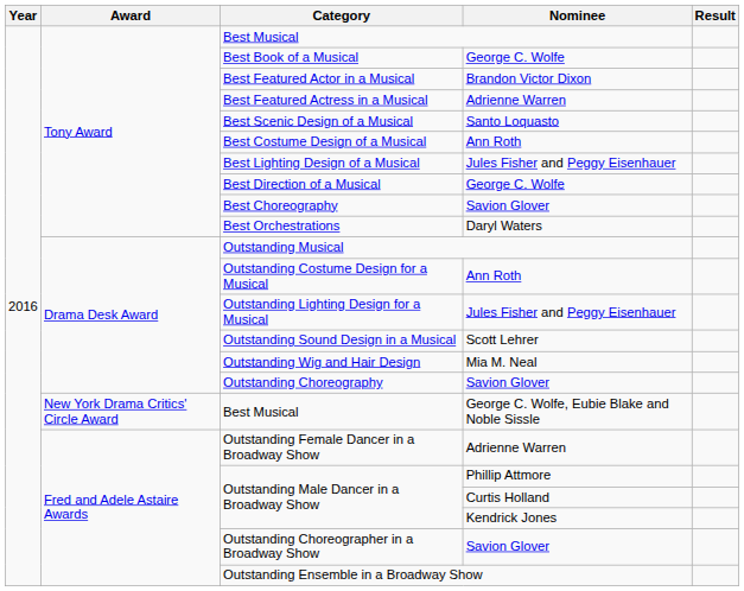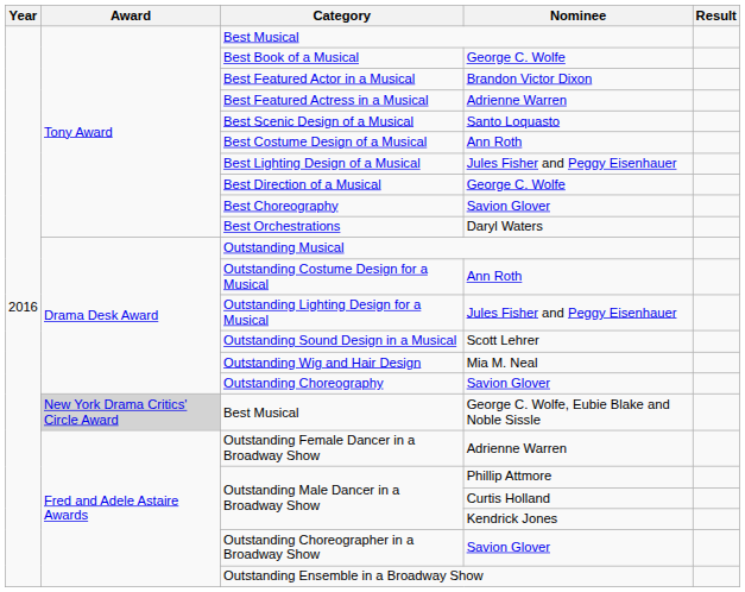 <table class="wikitable" style="font-size: 100%; width: 100%;">
 <tr>
 <th>Year</th>
 <th>Award</th>
 <th>Category</th>
 <th>Nominee</th>
 <th>Result</th>
 </tr>
 <tr>
 <td rowspan=23>2016</td>
 <td rowspan="10"><a href='#'>Tony Award</a></td>
 <td colspan="2"><a href='#'>Best Musical</a></td>
 <td></td>
 </tr>
 <tr>
 <td><a href='#'>Best Book of a Musical</a></td>
 <td><a href='#'>George C. Wolfe</a></td>
 <td></td>
 </tr>
 <tr>
 <td><a href='#'>Best Featured Actor in a Musical</a></td>
 <td><a href='#'>Brandon Victor Dixon</a></td>
 <td></td>
 </tr>
 <tr>
 <td><a href='#'>Best Featured Actress in a Musical</a></td>
 <td><a href='#'>Adrienne Warren</a></td>
 <td></td>
 </tr>
 <tr>
 <td><a href='#'>Best Scenic Design of a Musical</a></td>
 <td><a href='#'>Santo Loquasto</a></td>
 <td></td>
 </tr>
 <tr>
 <td><a href='#'>Best Costume Design of a Musical</a></td>
 <td><a href='#'>Ann Roth</a></td>
 <td></td>
 </tr>
 <tr>
 <td><a href='#'>Best Lighting Design of a Musical</a></td>
 <td><a href='#'>Jules Fisher</a> and <a href='#'>Peggy Eisenhauer</a></td>
 <td></td>
 </tr>
 <tr>
 <td><a href='#'>Best Direction of a Musical</a></td>
 <td><a href='#'>George C. Wolfe</a></td>
 <td></td>
 </tr>
 <tr>
 <td><a href='#'>Best Choreography</a></td>
 <td><a href='#'>Savion Glover</a></td>
 <td></td>
 </tr>
 <tr>
 <td><a href='#'>Best Orchestrations</a></td>
 <td>Daryl Waters</td>
 <td></td>
 </tr>
 <tr>
 <td rowspan="6"><a href='#'>Drama Desk Award</a></td>
 <td colspan="2"><a href='#'>Outstanding Musical</a></td>
 <td></td>
 </tr>
 <tr>
 <td><a href='#'>Outstanding Costume Design for a Musical</a></td>
 <td><a href='#'>Ann Roth</a></td>
 <td></td>
 </tr>
 <tr>
 <td><a href='#'>Outstanding Lighting Design for a Musical</a></td>
 <td><a href='#'>Jules Fisher</a> and <a href='#'>Peggy Eisenhauer</a></td>
 <td></td>
 </tr>
 <tr>
 <td><a href='#'>Outstanding Sound Design in a Musical</a></td>
 <td>Scott Lehrer</td>
 <td></td>
 </tr>
 <tr>
 <td><a href='#'>Outstanding Wig and Hair Design</a></td>
 <td>Mia M. Neal</td>
 <td></td>
 </tr>
 <tr>
 <td><a href='#'>Outstanding Choreography</a></td>
 <td><a href='#'>Savion Glover</a></td>
 <td></td>
 </tr>
 <tr>
-<td><a href='#'>New York Drama Critics' Circle Award</a></td>
+<td style="background: lightgrey;"><a href='#'>New York Drama Critics' Circle Award</a></td>
 <td>Best Musical</td>
 <td>George C. Wolfe, Eubie Blake and Noble Sissle</td>
 <td></td>
 </tr>
 <tr>
 <td rowspan="6"><a href='#'>Fred and Adele Astaire Awards</a></td>
 <td>Outstanding Female Dancer in a Broadway Show</td>
 <td>Adrienne Warren</td>
 <td></td>
 </tr>
 <tr>
 <td rowspan="3">Outstanding Male Dancer in a Broadway Show</td>
 <td>Phillip Attmore</td>
 <td></td>
 </tr>
 <tr>
 <td>Curtis Holland</td>
 <td></td>
 </tr>
 <tr>
 <td>Kendrick Jones</td>
 <td></td>
 </tr>
 <tr>
 <td>Outstanding Choreographer in a Broadway Show</td>
 <td><a href='#'>Savion Glover</a></td>
 <td></td>
 </tr>
 <tr>
 <td colspan="2">Outstanding Ensemble in a Broadway Show</td>
 <td></td>
 </tr>
 </table>
